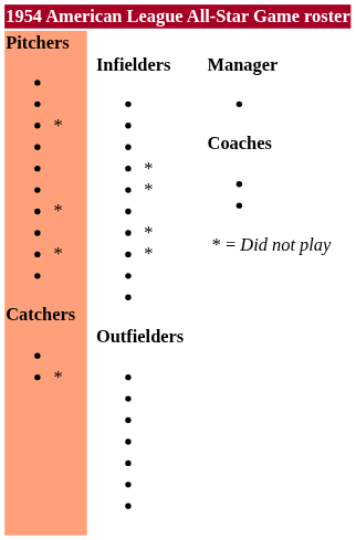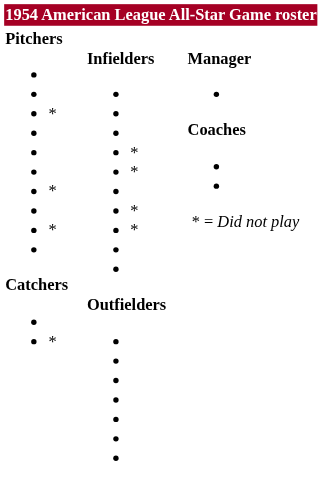 <table class="toccolours" style="font-size: 95%;">
 <tr>
 <th colspan=10 style="background-color: #A50024; color: #FFFFFF; text-align: center;">1954 American League All-Star Game roster</th>
 </tr>
 <tr>
-<td valign="top" style="background: lightsalmon;"><strong>Pitchers</strong><br><ul><li></li><li></li><li> *</li><li></li><li></li><li></li><li> *</li><li></li><li> *</li><li></li></ul><strong>Catchers</strong><ul><li></li><li> *</li></ul></td>
+<td valign="top"><strong>Pitchers</strong><br><ul><li></li><li></li><li> *</li><li></li><li></li><li></li><li> *</li><li></li><li> *</li><li></li></ul><strong>Catchers</strong><ul><li></li><li> *</li></ul></td>
 <td width="px"></td>
 <td valign="top"><br><strong>Infielders</strong><ul><li></li><li></li><li></li><li> *</li><li> *</li><li></li><li> *</li><li> *</li><li></li><li></li></ul><strong>Outfielders</strong><ul><li></li><li></li><li></li><li></li><li></li><li></li><li></li></ul></td>
 <td width="px"></td>
 <td valign="top"><br><strong>Manager</strong><ul><li></li></ul><strong>Coaches</strong><ul><li></li><li></li></ul> * = <em>Did not play</em></td>
 </tr>
 <tr>
 </tr>
 </table>
